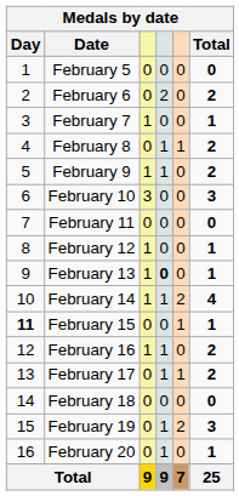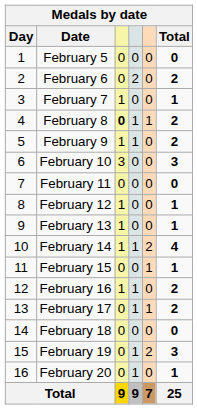 <table class=wikitable style=font-size:85%;float:right;text-align:center>
 <tr>
 <th colspan=6>Medals by date</th>
 </tr>
 <tr>
 <th>Day</th>
 <th>Date</th>
 <td bgcolor=F7F6A8></td>
 <td bgcolor=DCE5E5></td>
 <td bgcolor=FFDAB9></td>
 <th>Total</th>
 </tr>
 <tr>
 <td>1</td>
 <td>February 5</td>
 <td bgcolor=F7F6A8>0</td>
 <td bgcolor=DCE5E5>0</td>
 <td bgcolor=FFDAB9>0</td>
 <td><strong>0</strong></td>
 </tr>
 <tr>
 <td>2</td>
 <td>February 6</td>
 <td bgcolor=F7F6A8>0</td>
 <td bgcolor=DCE5E5>2</td>
 <td bgcolor=FFDAB9>0</td>
 <td><strong>2</strong></td>
 </tr>
 <tr>
 <td>3</td>
 <td>February 7</td>
 <td bgcolor=F7F6A8>1</td>
 <td bgcolor=DCE5E5>0</td>
 <td bgcolor=FFDAB9>0</td>
 <td><strong>1</strong></td>
 </tr>
 <tr>
 <td>4</td>
 <td>February 8</td>
-<td bgcolor=F7F6A8>0</td>
+<td bgcolor=F7F6A8><strong>0</strong></td>
 <td bgcolor=DCE5E5>1</td>
 <td bgcolor=FFDAB9>1</td>
 <td><strong>2</strong></td>
 </tr>
 <tr>
 <td>5</td>
 <td>February 9</td>
 <td bgcolor=F7F6A8>1</td>
 <td bgcolor=DCE5E5>1</td>
 <td bgcolor=FFDAB9>0</td>
 <td><strong>2</strong></td>
 </tr>
 <tr>
 <td>6</td>
 <td>February 10</td>
 <td bgcolor=F7F6A8>3</td>
 <td bgcolor=DCE5E5>0</td>
 <td bgcolor=FFDAB9>0</td>
 <td><strong>3</strong></td>
 </tr>
 <tr>
 <td>7</td>
 <td>February 11</td>
 <td bgcolor=F7F6A8>0</td>
 <td bgcolor=DCE5E5>0</td>
 <td bgcolor=FFDAB9>0</td>
 <td><strong>0</strong></td>
 </tr>
 <tr>
 <td>8</td>
 <td>February 12</td>
 <td bgcolor=F7F6A8>1</td>
 <td bgcolor=DCE5E5>0</td>
 <td bgcolor=FFDAB9>0</td>
 <td><strong>1</strong></td>
 </tr>
 <tr>
 <td>9</td>
 <td>February 13</td>
 <td bgcolor=F7F6A8>1</td>
-<td bgcolor=DCE5E5><strong>0</strong></td>
+<td bgcolor=DCE5E5>0</td>
 <td bgcolor=FFDAB9>0</td>
 <td><strong>1</strong></td>
 </tr>
 <tr>
 <td>10</td>
 <td>February 14</td>
 <td bgcolor=F7F6A8>1</td>
 <td bgcolor=DCE5E5>1</td>
 <td bgcolor=FFDAB9>2</td>
 <td><strong>4</strong></td>
 </tr>
 <tr>
-<td><strong>11</strong></td>
+<td>11</td>
 <td>February 15</td>
 <td bgcolor=F7F6A8>0</td>
 <td bgcolor=DCE5E5>0</td>
 <td bgcolor=FFDAB9>1</td>
 <td><strong>1</strong></td>
 </tr>
 <tr>
 <td>12</td>
 <td>February 16</td>
 <td bgcolor=F7F6A8>1</td>
 <td bgcolor=DCE5E5>1</td>
 <td bgcolor=FFDAB9>0</td>
 <td><strong>2</strong></td>
 </tr>
 <tr>
 <td>13</td>
 <td>February 17</td>
 <td bgcolor=F7F6A8>0</td>
 <td bgcolor=DCE5E5>1</td>
 <td bgcolor=FFDAB9>1</td>
 <td><strong>2</strong></td>
 </tr>
 <tr>
 <td>14</td>
 <td>February 18</td>
 <td bgcolor=F7F6A8>0</td>
 <td bgcolor=DCE5E5>0</td>
 <td bgcolor=FFDAB9>0</td>
 <td><strong>0</strong></td>
 </tr>
 <tr>
 <td>15</td>
 <td>February 19</td>
 <td bgcolor=F7F6A8>0</td>
 <td bgcolor=DCE5E5>1</td>
 <td bgcolor=FFDAB9>2</td>
 <td><strong>3</strong></td>
 </tr>
 <tr>
 <td>16</td>
 <td>February 20</td>
 <td bgcolor=F7F6A8>0</td>
 <td bgcolor=DCE5E5>1</td>
 <td bgcolor=FFDAB9>0</td>
 <td><strong>1</strong></td>
 </tr>
 <tr>
 <th colspan=2>Total</th>
 <th style=background:gold>9</th>
 <th style=background:silver>9</th>
 <th style=background:#c96>7</th>
 <th>25</th>
 </tr>
 </table>
